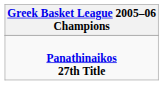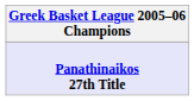 <table class="wikitable" style="text-align: center; margin: 0 auto;">
 <tr>
 <th><a href='#'>Greek Basket League</a> 2005–06<br>Champions</th>
 </tr>
 <tr>
 </tr>
 <tr>
-<td><br><strong><a href='#'>Panathinaikos</a></strong><br><strong>27th Title</strong></td>
+<td style="background: lavender;"><br><strong><a href='#'>Panathinaikos</a></strong><br><strong>27th Title</strong></td>
 </tr>
 </table>
